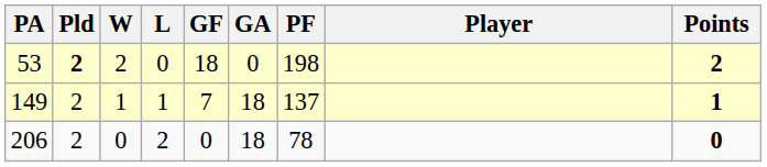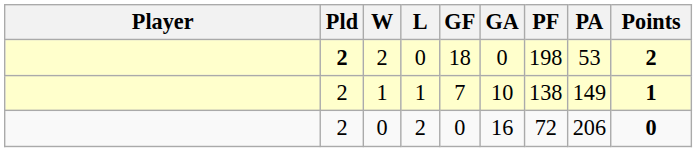 <table class="wikitable" style="text-align:center;">
 <tr>
-<th width=20>PA</th>
+<th width=220>Player</th>
 <th width=20>Pld</th>
 <th width=20>W</th>
 <th width=20>L</th>
 <th width=20>GF</th>
 <th width=20>GA</th>
 <th width=20>PF</th>
-<th width=220>Player</th>
+<th width=20>PA</th>
 <th width=50>Points</th>
 </tr>
 <tr style="background:#ffffcc;">
-<td>53</td>
+<td style="text-align:left;"></td>
 <td><strong>2</strong></td>
 <td>2</td>
 <td>0</td>
 <td>18</td>
 <td>0</td>
 <td>198</td>
-<td style="text-align:left;"></td>
+<td>53</td>
 <td><strong>2</strong></td>
 </tr>
 <tr style="background:#ffffcc;">
-<td>149</td>
+<td style="text-align:left;"></td>
 <td>2</td>
 <td>1</td>
 <td>1</td>
 <td>7</td>
-<td>18</td>
-<td>137</td>
-<td style="text-align:left;"></td>
+<td>10</td>
+<td>138</td>
+<td>149</td>
 <td><strong>1</strong></td>
 </tr>
 <tr>
-<td>206</td>
+<td style="text-align:left;"></td>
 <td>2</td>
 <td>0</td>
 <td>2</td>
 <td>0</td>
-<td>18</td>
-<td>78</td>
-<td style="text-align:left;"></td>
+<td>16</td>
+<td>72</td>
+<td>206</td>
 <td><strong>0</strong></td>
 </tr>
 </table>
